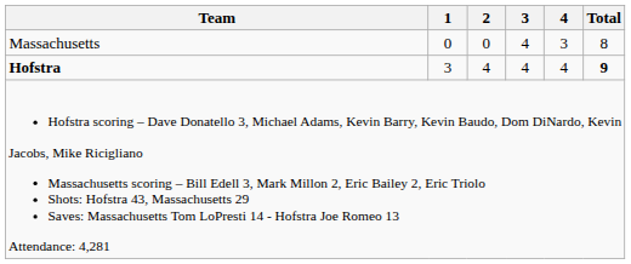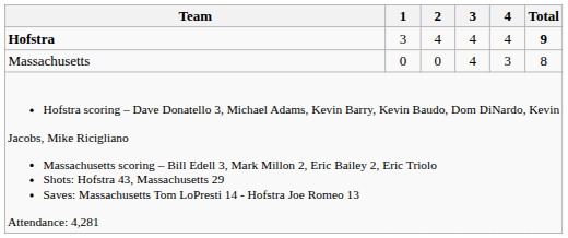 <table class="wikitable" style="text-align:center; max-width:45em">
 <tr>
 <th>Team</th>
 <th style="width:2em">1</th>
 <th style="width:2em">2</th>
 <th style="width:2em">3</th>
 <th style="width:2em">4</th>
 <th style="width:2em">Total</th>
 </tr>
 <tr>
+<td style="text-align:left"><strong>Hofstra</strong></td>
+<td>3</td>
+<td>4</td>
+<td>4</td>
+<td>4</td>
+<td><strong>9</strong></td>
+</tr>
+<tr>
 <td style="text-align:left">Massachusetts</td>
 <td>0</td>
 <td>0</td>
 <td>4</td>
 <td>3</td>
 <td>8</td>
 </tr>
 <tr>
-<td style="text-align:left"><strong>Hofstra</strong></td>
-<td>3</td>
-<td>4</td>
-<td>4</td>
-<td>4</td>
-<td><strong>9</strong></td>
-</tr>
-<tr>
 <td colspan=6 style="text-align:left; font-size:88%;"><br><ul><li>Hofstra scoring – Dave Donatello 3, Michael Adams, Kevin Barry, Kevin Baudo, Dom DiNardo, Kevin</li></ul>Jacobs, Mike Ricigliano<ul><li>Massachusetts scoring – Bill Edell 3, Mark Millon 2, Eric Bailey 2, Eric Triolo</li><li>Shots: Hofstra 43, Massachusetts 29</li><li>Saves: Massachusetts Tom LoPresti 14 - Hofstra Joe Romeo 13</li></ul>Attendance: 4,281 </td>
 </tr>
 </table>
